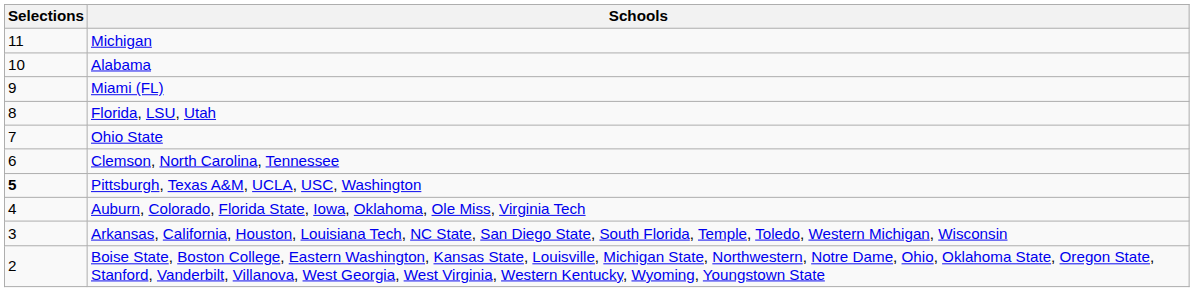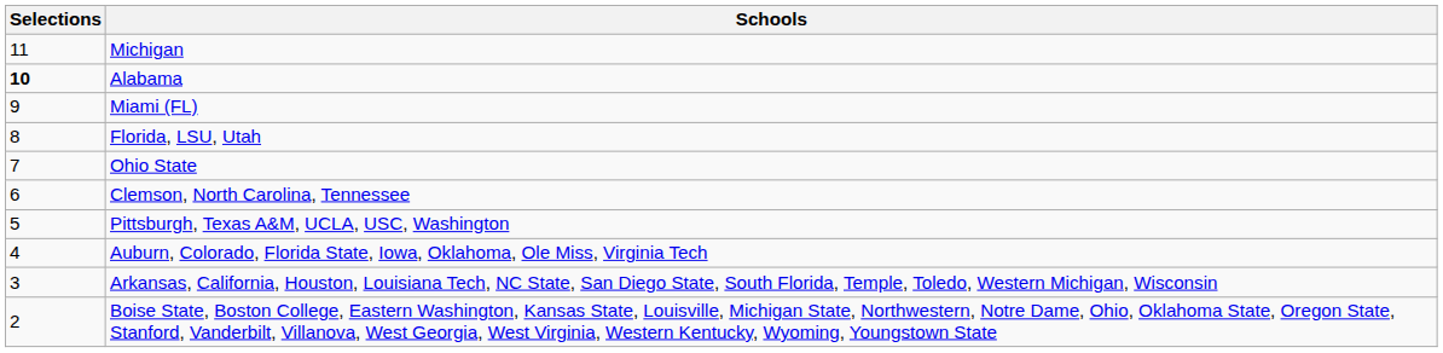 <table class="wikitable sortable" style="text-align:left">
 <tr>
 <th>Selections</th>
 <th class="unsortable">Schools</th>
 </tr>
 <tr>
 <td>11</td>
 <td><a href='#'>Michigan</a></td>
 </tr>
 <tr>
-<td>10</td>
+<td><strong>10</strong></td>
 <td><a href='#'>Alabama</a></td>
 </tr>
 <tr>
 <td>9</td>
 <td><a href='#'>Miami (FL)</a></td>
 </tr>
 <tr>
 <td>8</td>
 <td><a href='#'>Florida</a>, <a href='#'>LSU</a>, <a href='#'>Utah</a></td>
 </tr>
 <tr>
 <td>7</td>
 <td><a href='#'>Ohio State</a></td>
 </tr>
 <tr>
 <td>6</td>
 <td><a href='#'>Clemson</a>, <a href='#'>North Carolina</a>, <a href='#'>Tennessee</a></td>
 </tr>
 <tr>
-<td><strong>5</strong></td>
+<td>5</td>
 <td><a href='#'>Pittsburgh</a>, <a href='#'>Texas A&M</a>, <a href='#'>UCLA</a>, <a href='#'>USC</a>, <a href='#'>Washington</a></td>
 </tr>
 <tr>
 <td>4</td>
 <td><a href='#'>Auburn</a>, <a href='#'>Colorado</a>, <a href='#'>Florida State</a>, <a href='#'>Iowa</a>, <a href='#'>Oklahoma</a>, <a href='#'>Ole Miss</a>, <a href='#'>Virginia Tech</a></td>
 </tr>
 <tr>
 <td>3</td>
 <td><a href='#'>Arkansas</a>, <a href='#'>California</a>, <a href='#'>Houston</a>, <a href='#'>Louisiana Tech</a>, <a href='#'>NC State</a>, <a href='#'>San Diego State</a>, <a href='#'>South Florida</a>, <a href='#'>Temple</a>, <a href='#'>Toledo</a>, <a href='#'>Western Michigan</a>, <a href='#'>Wisconsin</a></td>
 </tr>
 <tr>
 <td>2</td>
 <td><a href='#'>Boise State</a>, <a href='#'>Boston College</a>, <a href='#'>Eastern Washington</a>, <a href='#'>Kansas State</a>, <a href='#'>Louisville</a>, <a href='#'>Michigan State</a>, <a href='#'>Northwestern</a>, <a href='#'>Notre Dame</a>, <a href='#'>Ohio</a>, <a href='#'>Oklahoma State</a>, <a href='#'>Oregon State</a>, <a href='#'>Stanford</a>, <a href='#'>Vanderbilt</a>, <a href='#'>Villanova</a>, <a href='#'>West Georgia</a>, <a href='#'>West Virginia</a>, <a href='#'>Western Kentucky</a>, <a href='#'>Wyoming</a>, <a href='#'>Youngstown State</a></td>
 </tr>
 </table>
